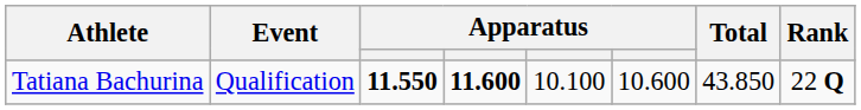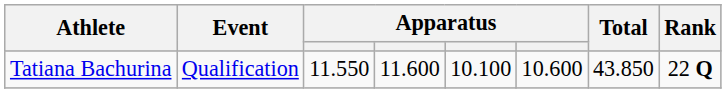 <table class=wikitable style=font-size:90%;text-align:center>
 <tr>
 <th rowspan=2>Athlete</th>
 <th rowspan=2>Event</th>
 <th colspan=4>Apparatus</th>
 <th rowspan=2>Total</th>
 <th rowspan=2>Rank</th>
 </tr>
 <tr style=font-size:95%>
 <th></th>
 <th></th>
 <th></th>
 <th></th>
 </tr>
 <tr>
 <td align=left><a href='#'>Tatiana Bachurina</a></td>
 <td align=left><a href='#'>Qualification</a></td>
-<td><strong>11.550</strong></td>
-<td><strong>11.600</strong></td>
+<td>11.550</td>
+<td>11.600</td>
 <td>10.100</td>
 <td>10.600</td>
 <td>43.850</td>
 <td>22 <strong>Q</strong></td>
 </tr>
 </table>
